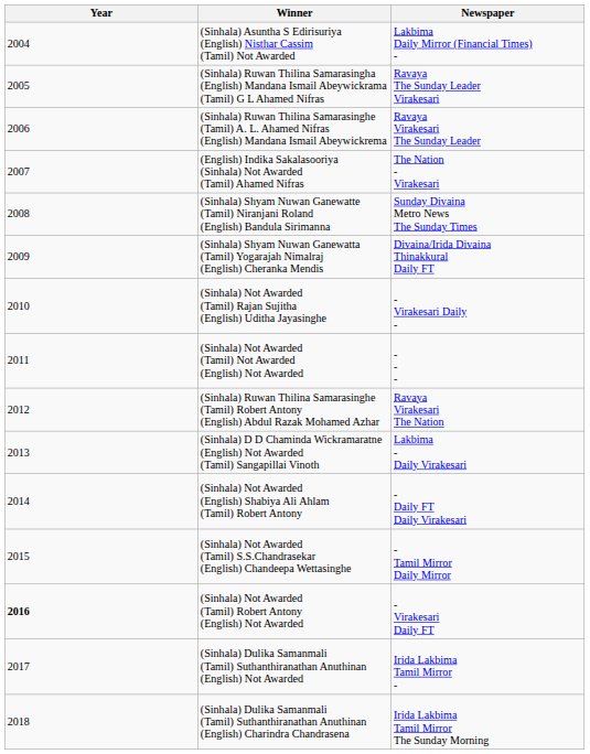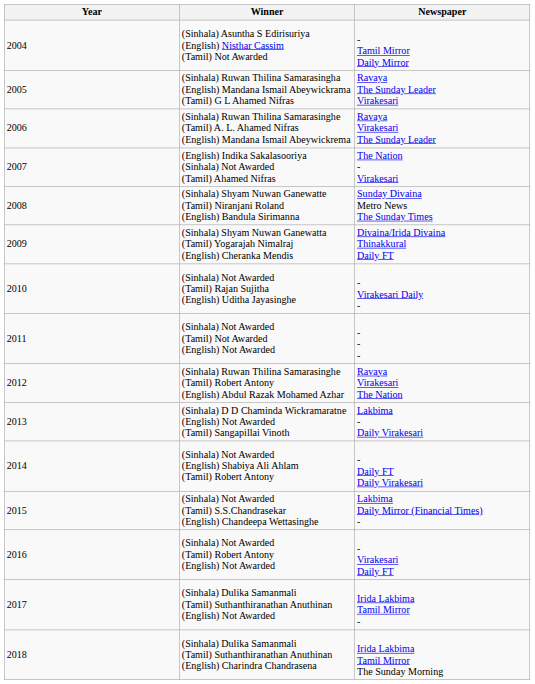 <table class="wikitable sortable mw-collapsible mw-collapsed">
 <tr>
 <th width="33%">Year</th>
 <th width="33%">Winner</th>
 <th width="33%">Newspaper</th>
 </tr>
 <tr>
 <td>2004</td>
 <td>(Sinhala) Asuntha S Edirisuriya<br>(English) <a href='#'>Nisthar Cassim</a><br>(Tamil) Not Awarded</td>
-<td><a href='#'>Lakbima</a><br><a href='#'>Daily Mirror (Financial Times)</a><br>-</td>
+<td><br>-<br><a href='#'>Tamil Mirror</a><br><a href='#'>Daily Mirror</a></td>
 </tr>
 <tr>
 <td>2005</td>
 <td>(Sinhala) Ruwan Thilina Samarasingha<br>(English) Mandana Ismail Abeywickrama<br>(Tamil) G L Ahamed Nifras</td>
 <td><a href='#'>Ravaya</a><br><a href='#'>The Sunday Leader</a><br><a href='#'>Virakesari</a></td>
 </tr>
 <tr>
 <td>2006</td>
 <td>(Sinhala) Ruwan Thilina Samarasinghe<br>(Tamil) A. L. Ahamed Nifras<br>(English) Mandana Ismail Abeywickrema</td>
 <td><a href='#'>Ravaya</a><br><a href='#'>Virakesari</a><br><a href='#'>The Sunday Leader</a></td>
 </tr>
 <tr>
 <td>2007</td>
 <td>(English) Indika Sakalasooriya<br>(Sinhala) Not Awarded<br>(Tamil) Ahamed Nifras</td>
 <td><a href='#'>The Nation</a><br>-<br><a href='#'>Virakesari</a></td>
 </tr>
 <tr>
 <td>2008</td>
 <td>(Sinhala) Shyam Nuwan Ganewatte<br>(Tamil) Niranjani Roland<br>(English) Bandula Sirimanna</td>
 <td><a href='#'>Sunday Divaina</a><br>Metro News<br><a href='#'>The Sunday Times</a></td>
 </tr>
 <tr>
 <td>2009</td>
 <td>(Sinhala) Shyam Nuwan Ganewatta<br>(Tamil) Yogarajah Nimalraj<br>(English) Cheranka Mendis</td>
 <td><a href='#'>Divaina/Irida Divaina</a><br><a href='#'>Thinakkural</a><br><a href='#'>Daily FT</a></td>
 </tr>
 <tr>
 <td>2010</td>
 <td>(Sinhala) Not Awarded<br>(Tamil) Rajan Sujitha<br>(English) Uditha Jayasinghe</td>
 <td><br>-<br><a href='#'>Virakesari Daily</a><br>-</td>
 </tr>
 <tr>
 <td>2011</td>
 <td>(Sinhala) Not Awarded<br>(Tamil) Not Awarded<br>(English) Not Awarded</td>
 <td><br>-<br>-<br>-</td>
 </tr>
 <tr>
 <td>2012</td>
 <td>(Sinhala) Ruwan Thilina Samarasinghe<br>(Tamil) Robert Antony<br>(English) Abdul Razak Mohamed Azhar</td>
 <td><a href='#'>Ravaya</a><br><a href='#'>Virakesari</a><br><a href='#'>The Nation</a></td>
 </tr>
 <tr>
 <td>2013</td>
 <td>(Sinhala) D D Chaminda Wickramaratne<br>(English) Not Awarded<br>(Tamil) Sangapillai Vinoth</td>
 <td><a href='#'>Lakbima</a><br>-<br><a href='#'>Daily Virakesari</a></td>
 </tr>
 <tr>
 <td>2014</td>
 <td>(Sinhala) Not Awarded<br>(English) Shabiya Ali Ahlam<br>(Tamil) Robert Antony</td>
 <td><br>-<br><a href='#'>Daily FT</a><br><a href='#'>Daily Virakesari</a></td>
 </tr>
 <tr>
 <td>2015</td>
 <td>(Sinhala) Not Awarded<br>(Tamil) S.S.Chandrasekar<br>(English) Chandeepa Wettasinghe</td>
-<td><br>-<br><a href='#'>Tamil Mirror</a><br><a href='#'>Daily Mirror</a></td>
+<td><a href='#'>Lakbima</a><br><a href='#'>Daily Mirror (Financial Times)</a><br>-</td>
 </tr>
 <tr>
-<td><strong>2016</strong></td>
+<td>2016</td>
 <td>(Sinhala) Not Awarded<br>(Tamil) Robert Antony<br>(English) Not Awarded</td>
 <td><br>-<br><a href='#'>Virakesari</a><br><a href='#'>Daily FT</a></td>
 </tr>
 <tr>
 <td>2017</td>
 <td>(Sinhala) Dulika Samanmali<br>(Tamil) Suthanthiranathan Anuthinan<br>(English) Not Awarded</td>
 <td><br><a href='#'>Irida Lakbima</a><br><a href='#'>Tamil Mirror</a><br>-</td>
 </tr>
 <tr>
 <td>2018</td>
 <td>(Sinhala) Dulika Samanmali<br>(Tamil) Suthanthiranathan Anuthinan<br>(English) Charindra Chandrasena</td>
 <td><br><a href='#'>Irida Lakbima</a><br><a href='#'>Tamil Mirror</a><br>The Sunday Morning</td>
 </tr>
 </table>
